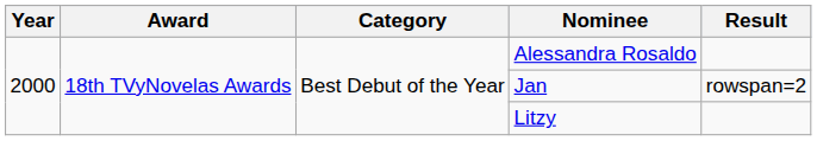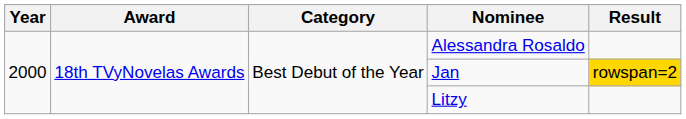 <table class="wikitable">
 <tr style="background:#b0c4de;">
 <th>Year</th>
 <th>Award</th>
 <th>Category</th>
 <th>Nominee</th>
 <th>Result</th>
 </tr>
 <tr>
 <td rowspan=3>2000</td>
 <td rowspan=3><a href='#'>18th TVyNovelas Awards</a></td>
 <td rowspan=3>Best Debut of the Year</td>
 <td><a href='#'>Alessandra Rosaldo</a></td>
 <td></td>
 </tr>
 <tr>
 <td><a href='#'>Jan</a></td>
-<td>rowspan=2 </td>
+<td style="background: gold;">rowspan=2 </td>
 </tr>
 <tr>
 <td><a href='#'>Litzy</a></td>
 </tr>
 </table>
